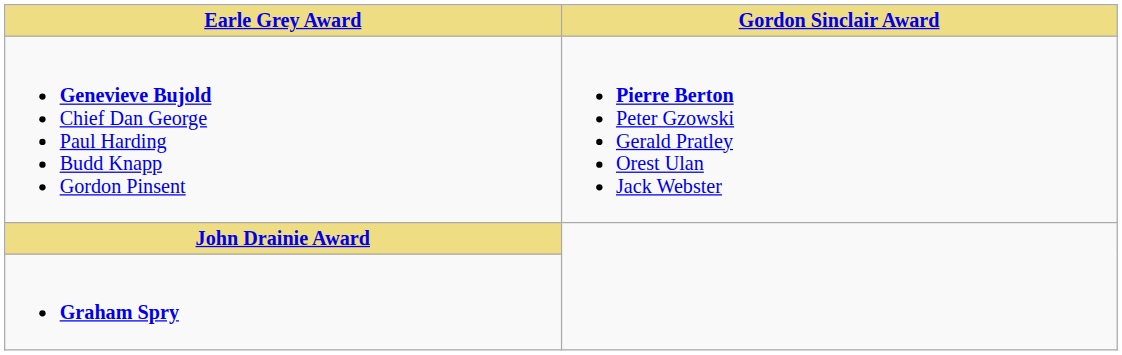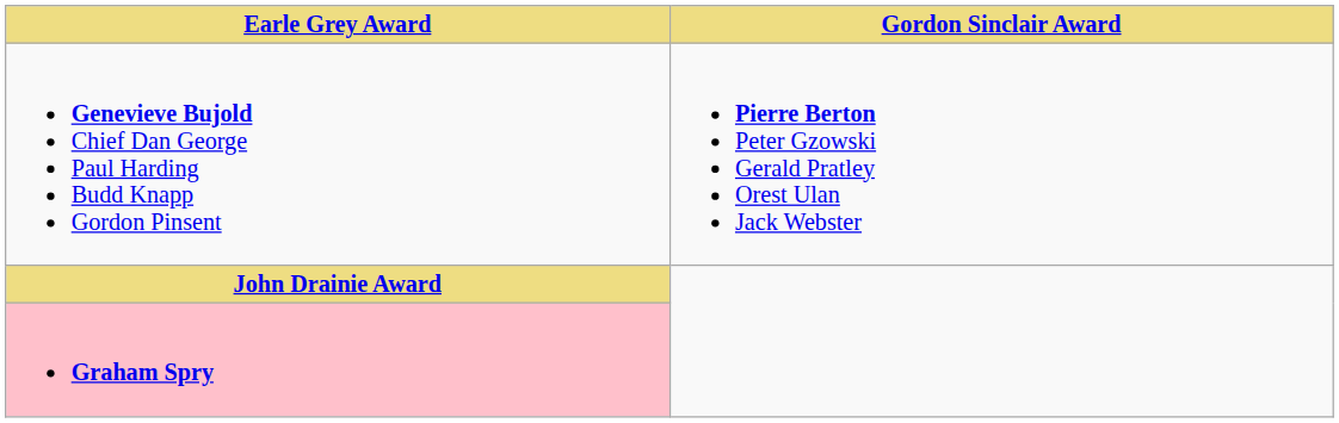 <table class=wikitable width="100%">
 <tr>
 <th style="background:#EEDD82; width:50%"><a href='#'>Earle Grey Award</a></th>
 <th style="background:#EEDD82; width:50%"><a href='#'>Gordon Sinclair Award</a></th>
 </tr>
 <tr>
 <td valign="top"><br><ul><li> <strong><a href='#'>Genevieve Bujold</a></strong></li><li><a href='#'>Chief Dan George</a></li><li><a href='#'>Paul Harding</a></li><li><a href='#'>Budd Knapp</a></li><li><a href='#'>Gordon Pinsent</a></li></ul></td>
 <td valign="top"><br><ul><li> <strong><a href='#'>Pierre Berton</a></strong></li><li><a href='#'>Peter Gzowski</a></li><li><a href='#'>Gerald Pratley</a></li><li><a href='#'>Orest Ulan</a></li><li><a href='#'>Jack Webster</a></li></ul></td>
 </tr>
 <tr>
 <th style="background:#EEDD82; width:50%"><a href='#'>John Drainie Award</a></th>
 </tr>
 <tr>
-<td valign="top"><br><ul><li> <strong><a href='#'>Graham Spry</a></strong></li></ul></td>
+<td valign="top" style="background: pink;"><br><ul><li> <strong><a href='#'>Graham Spry</a></strong></li></ul></td>
 </tr>
 </table>
